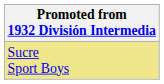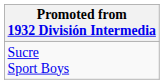 <table class="wikitable">
 <tr>
 <th>Promoted from<br><a href='#'>1932 División Intermedia</a></th>
 </tr>
 <tr>
-<td style="background: khaki;"> <a href='#'>Sucre</a> <br> <a href='#'>Sport Boys</a> </td>
+<td> <a href='#'>Sucre</a> <br> <a href='#'>Sport Boys</a> </td>
 </tr>
 </table>
